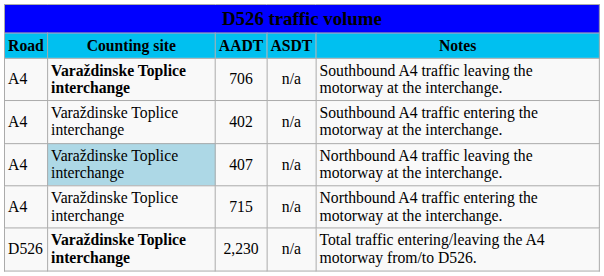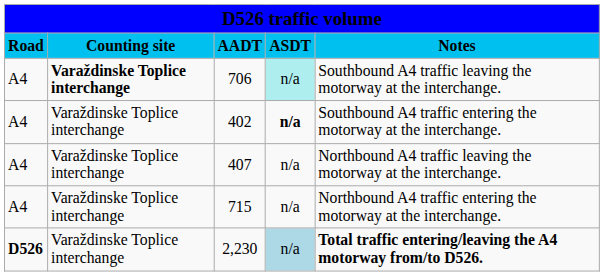 <table class="wikitable">
 <tr>
 <td colspan=5 bgcolor=blue align=center style=margin-top:15><span><big><strong>D526 traffic volume</strong></big></span></td>
 </tr>
 <tr>
 <td align=center bgcolor=00c0f0><strong>Road</strong></td>
 <td align=center bgcolor=00c0f0><strong>Counting site</strong></td>
 <td align=center bgcolor=00c0f0><strong>AADT</strong></td>
 <td align=center bgcolor=00c0f0><strong>ASDT</strong></td>
 <td align=center bgcolor=00c0f0><strong>Notes</strong></td>
 </tr>
 <tr>
 <td> A4</td>
 <td><strong>Varaždinske Toplice interchange</strong></td>
 <td align=center>706</td>
-<td align=center>n/a</td>
+<td align=center style="background: paleturquoise;">n/a</td>
 <td>Southbound A4 traffic leaving the motorway at the interchange.</td>
 </tr>
 <tr>
 <td> A4</td>
 <td>Varaždinske Toplice interchange</td>
 <td align=center>402</td>
-<td align=center>n/a</td>
+<td align=center><strong>n/a</strong></td>
 <td>Southbound A4 traffic entering the motorway at the interchange.</td>
 </tr>
 <tr>
 <td> A4</td>
-<td style="background: lightblue;">Varaždinske Toplice interchange</td>
+<td>Varaždinske Toplice interchange</td>
 <td align=center>407</td>
 <td align=center>n/a</td>
 <td>Northbound A4 traffic leaving the motorway at the interchange.</td>
 </tr>
 <tr>
 <td> A4</td>
 <td>Varaždinske Toplice interchange</td>
 <td align=center>715</td>
 <td align=center>n/a</td>
 <td>Northbound A4 traffic entering the motorway at the interchange.</td>
 </tr>
 <tr>
-<td> D526</td>
-<td><strong>Varaždinske Toplice interchange</strong></td>
+<td><strong> D526</strong></td>
+<td>Varaždinske Toplice interchange</td>
 <td align=center>2,230</td>
-<td align=center>n/a</td>
-<td>Total traffic entering/leaving the A4 motorway from/to D526.</td>
+<td align=center style="background: lightblue;">n/a</td>
+<td><strong>Total traffic entering/leaving the A4 motorway from/to D526.</strong></td>
 </tr>
 </table>
